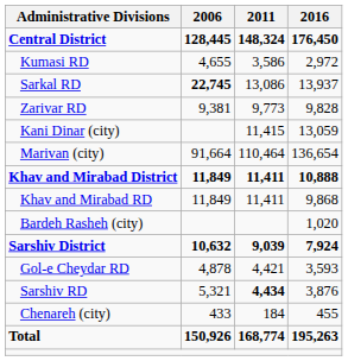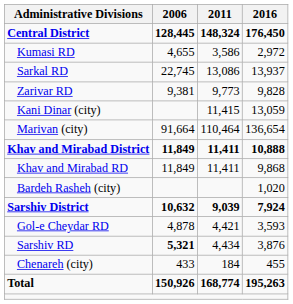 <table class="wikitable">
 <tr>
 <th>Administrative Divisions</th>
 <th>2006</th>
 <th>2011</th>
 <th>2016</th>
 </tr>
 <tr>
 <td><strong><a href='#'>Central District</a></strong></td>
 <td style="text-align: right;"><strong>128,445</strong></td>
 <td style="text-align: right;"><strong>148,324</strong></td>
 <td style="text-align: right;"><strong>176,450</strong></td>
 </tr>
 <tr>
 <td style="padding-left: 1em;"><a href='#'>Kumasi RD</a></td>
 <td style="text-align: right;">4,655</td>
 <td style="text-align: right;">3,586</td>
 <td style="text-align: right;">2,972</td>
 </tr>
 <tr>
 <td style="padding-left: 1em;"><a href='#'>Sarkal RD</a></td>
-<td style="text-align: right;"><strong>22,745</strong></td>
+<td style="text-align: right;">22,745</td>
 <td style="text-align: right;">13,086</td>
 <td style="text-align: right;">13,937</td>
 </tr>
 <tr>
 <td style="padding-left: 1em;"><a href='#'>Zarivar RD</a></td>
 <td style="text-align: right;">9,381</td>
 <td style="text-align: right;">9,773</td>
 <td style="text-align: right;">9,828</td>
 </tr>
 <tr>
 <td style="padding-left: 1em;"><a href='#'>Kani Dinar</a> (city)</td>
 <td style="text-align: right;"></td>
 <td style="text-align: right;">11,415</td>
 <td style="text-align: right;">13,059</td>
 </tr>
 <tr>
 <td style="padding-left: 1em;"><a href='#'>Marivan</a> (city)</td>
 <td style="text-align: right;">91,664</td>
 <td style="text-align: right;">110,464</td>
 <td style="text-align: right;">136,654</td>
 </tr>
 <tr>
 <td><strong><a href='#'>Khav and Mirabad District</a></strong></td>
 <td style="text-align: right;"><strong>11,849</strong></td>
 <td style="text-align: right;"><strong>11,411</strong></td>
 <td style="text-align: right;"><strong>10,888</strong></td>
 </tr>
 <tr>
 <td style="padding-left: 1em;"><a href='#'>Khav and Mirabad RD</a></td>
 <td style="text-align: right;">11,849</td>
 <td style="text-align: right;">11,411</td>
 <td style="text-align: right;">9,868</td>
 </tr>
 <tr>
 <td style="padding-left: 1em;"><a href='#'>Bardeh Rasheh</a> (city)</td>
 <td style="text-align: right;"></td>
 <td style="text-align: right;"></td>
 <td style="text-align: right;">1,020</td>
 </tr>
 <tr>
 <td><strong><a href='#'>Sarshiv District</a></strong></td>
 <td style="text-align: right;"><strong>10,632</strong></td>
 <td style="text-align: right;"><strong>9,039</strong></td>
 <td style="text-align: right;"><strong>7,924</strong></td>
 </tr>
 <tr>
 <td style="padding-left: 1em;"><a href='#'>Gol-e Cheydar RD</a></td>
 <td style="text-align: right;">4,878</td>
 <td style="text-align: right;">4,421</td>
 <td style="text-align: right;">3,593</td>
 </tr>
 <tr>
 <td style="padding-left: 1em;"><a href='#'>Sarshiv RD</a></td>
-<td style="text-align: right;">5,321</td>
-<td style="text-align: right;"><strong>4,434</strong></td>
+<td style="text-align: right;"><strong>5,321</strong></td>
+<td style="text-align: right;">4,434</td>
 <td style="text-align: right;">3,876</td>
 </tr>
 <tr>
 <td style="padding-left: 1em;"><a href='#'>Chenareh</a> (city)</td>
 <td style="text-align: right;">433</td>
 <td style="text-align: right;">184</td>
 <td style="text-align: right;">455</td>
 </tr>
 <tr>
 <td><strong>Total</strong></td>
 <td style="text-align: right;"><strong>150,926</strong></td>
 <td style="text-align: right;"><strong>168,774</strong></td>
 <td style="text-align: right;"><strong>195,263</strong></td>
 </tr>
 <tr>
 <td colspan=4></td>
 </tr>
 </table>
